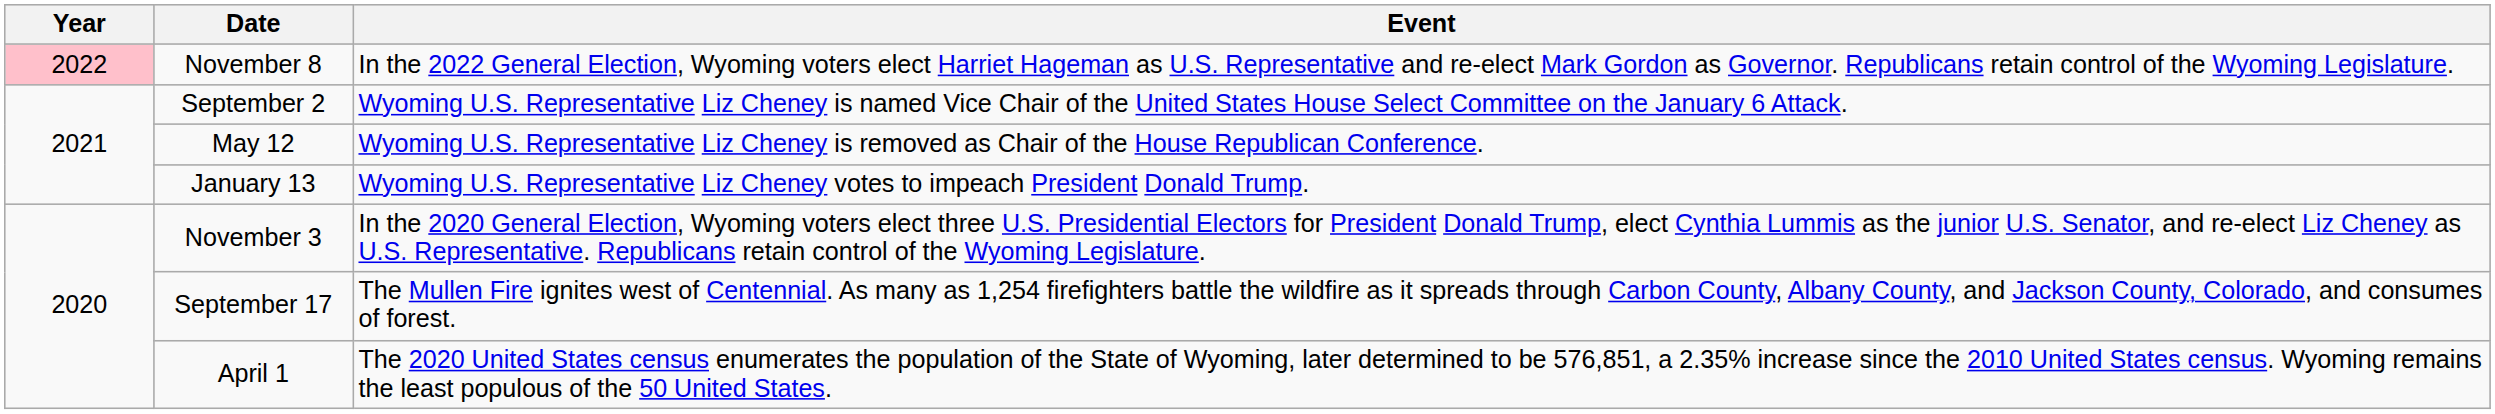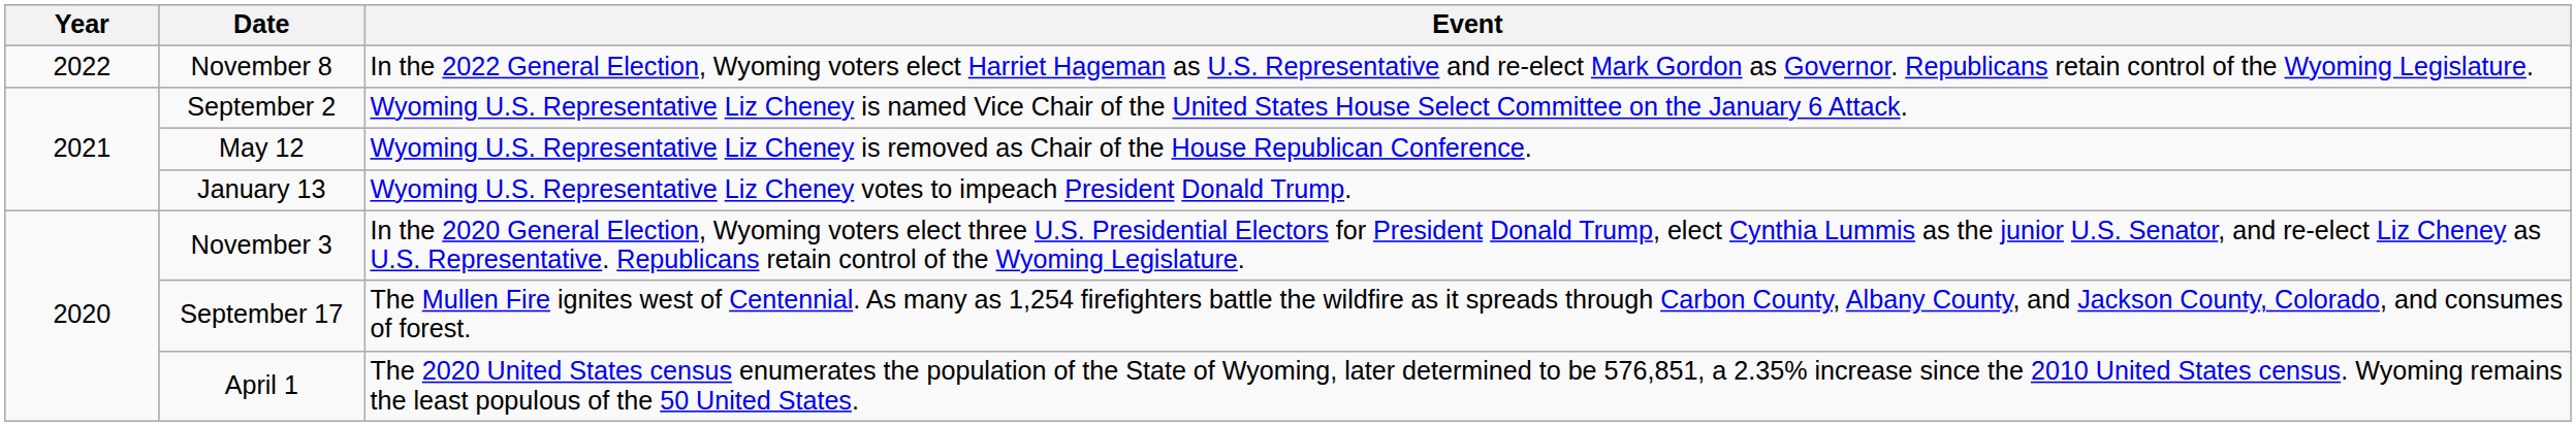 <table class="wikitable" style="width:100%;">
 <tr>
 <th style="width:6%">Year</th>
 <th style="width:8%">Date</th>
 <th style="width:86%">Event</th>
 </tr>
 <tr>
-<td align=center rowspan=1 style="background: pink;">2022</td>
+<td align=center rowspan=1>2022</td>
 <td align=center>November 8</td>
 <td>In the <a href='#'>2022 General Election</a>, Wyoming voters elect <a href='#'>Harriet Hageman</a> as <a href='#'>U.S. Representative</a> and re-elect <a href='#'>Mark Gordon</a> as <a href='#'>Governor</a>. <a href='#'>Republicans</a> retain control of the <a href='#'>Wyoming Legislature</a>.</td>
 </tr>
 <tr>
 <td align=center rowspan=3>2021</td>
 <td align=center>September 2</td>
 <td><a href='#'>Wyoming U.S. Representative</a> <a href='#'>Liz Cheney</a> is named Vice Chair of the <a href='#'>United States House Select Committee on the January 6 Attack</a>.</td>
 </tr>
 <tr>
 <td align=center>May 12</td>
 <td><a href='#'>Wyoming U.S. Representative</a> <a href='#'>Liz Cheney</a> is removed as Chair of the <a href='#'>House Republican Conference</a>.</td>
 </tr>
 <tr>
 <td align=center>January 13</td>
 <td><a href='#'>Wyoming U.S. Representative</a> <a href='#'>Liz Cheney</a> votes to impeach <a href='#'>President</a> <a href='#'>Donald Trump</a>.</td>
 </tr>
 <tr>
 <td align=center rowspan=3>2020</td>
 <td align=center>November 3</td>
 <td>In the <a href='#'>2020 General Election</a>, Wyoming voters elect three <a href='#'>U.S. Presidential Electors</a> for <a href='#'>President</a> <a href='#'>Donald Trump</a>, elect <a href='#'>Cynthia Lummis</a> as the <a href='#'>junior</a> <a href='#'>U.S. Senator</a>, and re-elect <a href='#'>Liz Cheney</a> as <a href='#'>U.S. Representative</a>.  <a href='#'>Republicans</a> retain control of the <a href='#'>Wyoming Legislature</a>.</td>
 </tr>
 <tr>
 <td align=center>September 17</td>
 <td>The <a href='#'>Mullen Fire</a> ignites  west of <a href='#'>Centennial</a>.  As many as 1,254 firefighters battle the wildfire as it spreads through <a href='#'>Carbon County</a>, <a href='#'>Albany County</a>, and <a href='#'>Jackson County, Colorado</a>, and consumes  of forest.</td>
 </tr>
 <tr>
 <td align=center>April 1</td>
 <td>The <a href='#'>2020 United States census</a> enumerates the population of the State of Wyoming, later determined to be 576,851, a 2.35% increase since the <a href='#'>2010 United States census</a>. Wyoming remains the least populous of the <a href='#'>50 United States</a>.</td>
 </tr>
 </table>
